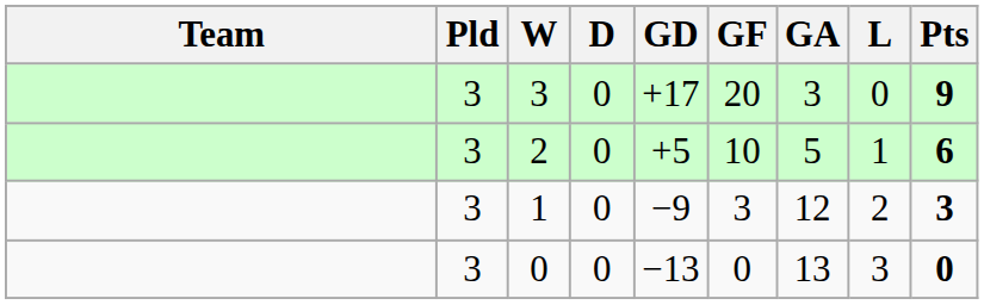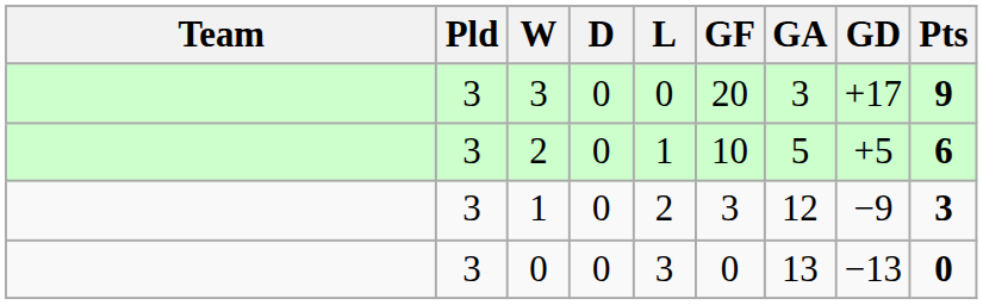 <table class="wikitable" style="text-align:center;">
 <tr>
 <th width=180>Team</th>
 <th width=20>Pld</th>
 <th width=20>W</th>
 <th width=20>D</th>
-<th width=20>GD</th>
+<th width=20>L</th>
 <th width=20>GF</th>
 <th width=20>GA</th>
-<th width=20>L</th>
+<th width=20>GD</th>
 <th width=20>Pts</th>
 </tr>
 <tr bgcolor=ccffcc>
 <td align="left"></td>
 <td>3</td>
 <td>3</td>
 <td>0</td>
-<td>+17</td>
+<td>0</td>
 <td>20</td>
 <td>3</td>
-<td>0</td>
+<td>+17</td>
 <td><strong>9</strong></td>
 </tr>
 <tr bgcolor=ccffcc>
 <td align="left"></td>
 <td>3</td>
 <td>2</td>
 <td>0</td>
-<td>+5</td>
+<td>1</td>
 <td>10</td>
 <td>5</td>
-<td>1</td>
+<td>+5</td>
 <td><strong>6</strong></td>
 </tr>
 <tr>
 <td align="left"></td>
 <td>3</td>
 <td>1</td>
 <td>0</td>
-<td>−9</td>
+<td>2</td>
 <td>3</td>
 <td>12</td>
-<td>2</td>
+<td>−9</td>
 <td><strong>3</strong></td>
 </tr>
 <tr>
 <td align="left"><em></em></td>
 <td>3</td>
 <td>0</td>
 <td>0</td>
-<td>−13</td>
+<td>3</td>
 <td>0</td>
 <td>13</td>
-<td>3</td>
+<td>−13</td>
 <td><strong>0</strong></td>
 </tr>
 </table>
